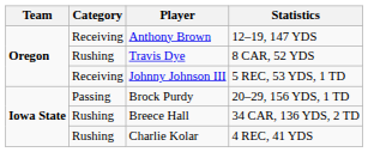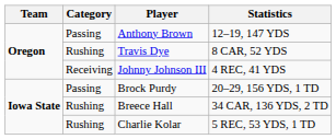 <table class="wikitable" style="float: right;">
 <tr>
 <th>Team</th>
 <th>Category</th>
 <th>Player</th>
 <th>Statistics</th>
 </tr>
 <tr>
 <td rowspan=3><strong>Oregon</strong></td>
-<td>Receiving</td>
+<td>Passing</td>
 <td><a href='#'>Anthony Brown</a></td>
 <td>12–19, 147 YDS</td>
 </tr>
 <tr>
 <td>Rushing</td>
 <td><a href='#'>Travis Dye</a></td>
 <td>8 CAR, 52 YDS</td>
 </tr>
 <tr>
 <td>Receiving</td>
 <td><a href='#'>Johnny Johnson III</a></td>
-<td>5 REC, 53 YDS, 1 TD</td>
+<td>4 REC, 41 YDS</td>
 </tr>
 <tr>
 <td rowspan=3><strong>Iowa State</strong></td>
 <td>Passing</td>
 <td>Brock Purdy</td>
 <td>20–29, 156 YDS, 1 TD</td>
 </tr>
 <tr>
 <td>Rushing</td>
 <td>Breece Hall</td>
 <td>34 CAR, 136 YDS, 2 TD</td>
 </tr>
 <tr>
 <td>Rushing</td>
 <td>Charlie Kolar</td>
-<td>4 REC, 41 YDS</td>
+<td>5 REC, 53 YDS, 1 TD</td>
 </tr>
 </table>
